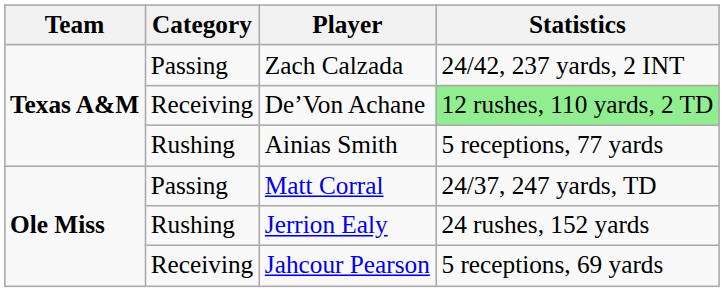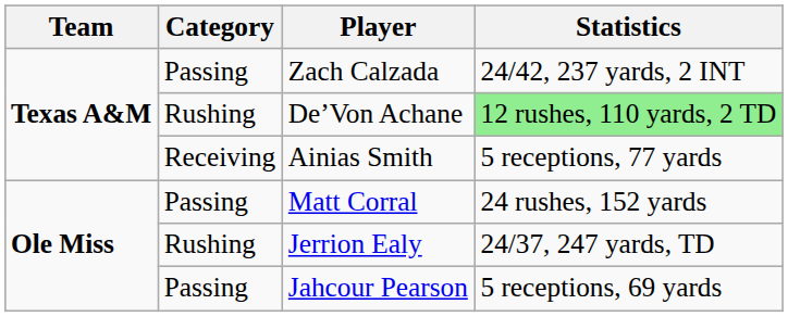 <table class="wikitable" style="float: right;">
 <tr>
 <th>Team</th>
 <th>Category</th>
 <th>Player</th>
 <th>Statistics</th>
 </tr>
 <tr>
 <td rowspan=3><strong>Texas A&M</strong></td>
 <td>Passing</td>
 <td>Zach Calzada</td>
 <td>24/42, 237 yards, 2 INT</td>
 </tr>
 <tr>
-<td>Receiving</td>
+<td>Rushing</td>
 <td>De’Von Achane</td>
 <td style="background: lightgreen;">12 rushes, 110 yards, 2 TD</td>
 </tr>
 <tr>
-<td>Rushing</td>
+<td>Receiving</td>
 <td>Ainias Smith</td>
 <td>5 receptions, 77 yards</td>
 </tr>
 <tr>
 <td rowspan=3><strong>Ole Miss</strong></td>
 <td>Passing</td>
 <td><a href='#'>Matt Corral</a></td>
-<td>24/37, 247 yards, TD</td>
+<td>24 rushes, 152 yards</td>
 </tr>
 <tr>
 <td>Rushing</td>
 <td><a href='#'>Jerrion Ealy</a></td>
-<td>24 rushes, 152 yards</td>
+<td>24/37, 247 yards, TD</td>
 </tr>
 <tr>
-<td>Receiving</td>
+<td>Passing</td>
 <td><a href='#'>Jahcour Pearson</a></td>
 <td>5 receptions, 69 yards</td>
 </tr>
 </table>
